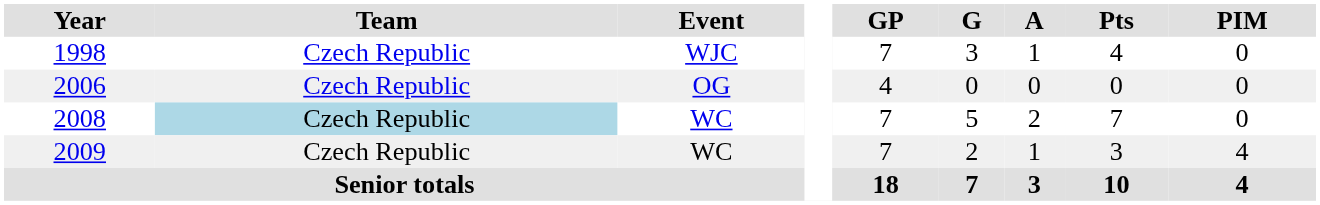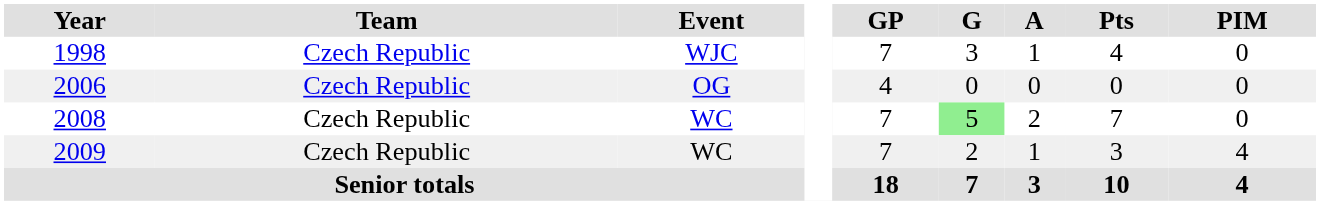 <table border="0" cellpadding="1" cellspacing="0" style="text-align:center; width:50em">
 <tr ALIGN="center" bgcolor="#e0e0e0">
 <th>Year</th>
 <th>Team</th>
 <th>Event</th>
 <th ALIGN="center" rowspan="99" bgcolor="#ffffff"> </th>
 <th>GP</th>
 <th>G</th>
 <th>A</th>
 <th>Pts</th>
 <th>PIM</th>
 </tr>
 <tr>
 <td><a href='#'>1998</a></td>
 <td><a href='#'>Czech Republic</a></td>
 <td><a href='#'>WJC</a></td>
 <td>7</td>
 <td>3</td>
 <td>1</td>
 <td>4</td>
 <td>0</td>
 </tr>
 <tr bgcolor="#f0f0f0">
 <td><a href='#'>2006</a></td>
 <td><a href='#'>Czech Republic</a></td>
 <td><a href='#'>OG</a></td>
 <td>4</td>
 <td>0</td>
 <td>0</td>
 <td>0</td>
 <td>0</td>
 </tr>
 <tr>
 <td><a href='#'>2008</a></td>
-<td style="background: lightblue;">Czech Republic</td>
+<td>Czech Republic</td>
 <td><a href='#'>WC</a></td>
 <td>7</td>
-<td>5</td>
+<td style="background: lightgreen;">5</td>
 <td>2</td>
 <td>7</td>
 <td>0</td>
 </tr>
 <tr bgcolor="#f0f0f0">
 <td><a href='#'>2009</a></td>
 <td>Czech Republic</td>
 <td>WC</td>
 <td>7</td>
 <td>2</td>
 <td>1</td>
 <td>3</td>
 <td>4</td>
 </tr>
 <tr bgcolor="#e0e0e0">
 <th colspan=3>Senior totals</th>
 <th>18</th>
 <th>7</th>
 <th>3</th>
 <th>10</th>
 <th>4</th>
 </tr>
 </table>
